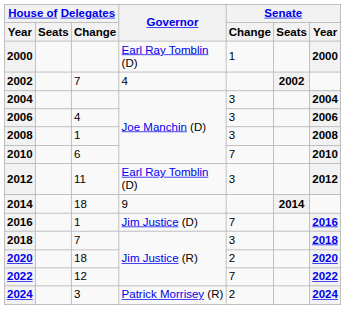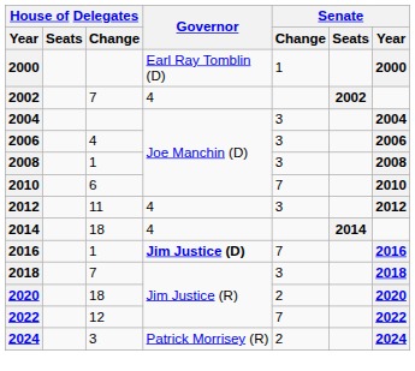 <table class="wikitable">
 <tr>
 <th colspan="3"><a href='#'>House of</a> <a href='#'>Delegates</a></th>
 <th rowspan="2"><a href='#'>Governor</a></th>
 <th colspan="3"><a href='#'>Senate</a></th>
 </tr>
 <tr>
 <th>Year</th>
 <th>Seats</th>
 <th>Change</th>
 <th>Change</th>
 <th>Seats</th>
 <th>Year</th>
 </tr>
 <tr>
 <th>2000</th>
 <td></td>
 <td></td>
 <td><a href='#'>Earl Ray Tomblin</a><br>(D)</td>
 <td> 1</td>
 <td></td>
 <th>2000</th>
 </tr>
 <tr>
 <th>2002</th>
 <td></td>
 <td> 7</td>
 <td> 4</td>
 <td></td>
 <th>2002</th>
 </tr>
 <tr>
 <th>2004</th>
 <td></td>
 <td></td>
 <td rowspan="4"><a href='#'>Joe Manchin</a> (D)</td>
 <td> 3</td>
 <td></td>
 <th>2004</th>
 </tr>
 <tr>
 <th>2006</th>
 <td></td>
 <td> 4</td>
 <td> 3</td>
 <td></td>
 <th>2006</th>
 </tr>
 <tr>
 <th>2008</th>
 <td></td>
 <td> 1</td>
 <td> 3</td>
 <td></td>
 <th>2008</th>
 </tr>
 <tr>
 <th>2010</th>
 <td></td>
 <td> 6</td>
 <td> 7</td>
 <td></td>
 <th>2010</th>
 </tr>
 <tr>
 <th>2012</th>
 <td></td>
 <td> 11</td>
-<td><a href='#'>Earl Ray Tomblin</a><br>(D)</td>
+<td> 4</td>
 <td> 3</td>
 <td></td>
 <th>2012</th>
 </tr>
 <tr>
 <th>2014</th>
 <td></td>
 <td> 18</td>
-<td> 9</td>
+<td> 4</td>
 <td></td>
 <th>2014</th>
 </tr>
 <tr>
 <th>2016</th>
 <td></td>
 <td> 1</td>
-<td><a href='#'>Jim Justice</a> (D)</td>
+<td><strong><a href='#'>Jim Justice</a> (D)</strong></td>
 <td> 7</td>
 <td></td>
 <th><a href='#'>2016</a></th>
 </tr>
 <tr>
 <th>2018</th>
 <td></td>
 <td> 7</td>
 <td rowspan="3" ><a href='#'>Jim Justice</a> (R)</td>
 <td> 3</td>
 <td></td>
 <th><a href='#'>2018</a></th>
 </tr>
 <tr>
 <th><a href='#'>2020</a></th>
 <td></td>
 <td> 18</td>
 <td> 2</td>
 <td></td>
 <th><a href='#'>2020</a></th>
 </tr>
 <tr>
 <th><a href='#'>2022</a></th>
 <td></td>
 <td> 12</td>
 <td> 7</td>
 <td></td>
 <th><a href='#'>2022</a></th>
 </tr>
 <tr>
 <th><a href='#'>2024</a></th>
 <td></td>
 <td> 3</td>
 <td><a href='#'>Patrick Morrisey</a> (R)</td>
 <td> 2</td>
 <td></td>
 <th><a href='#'>2024</a></th>
 </tr>
 </table>
